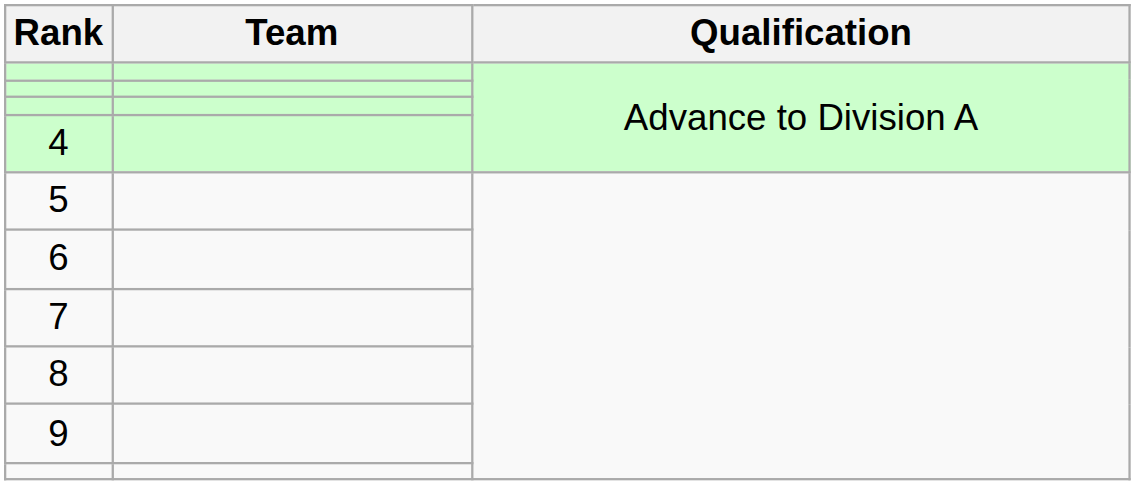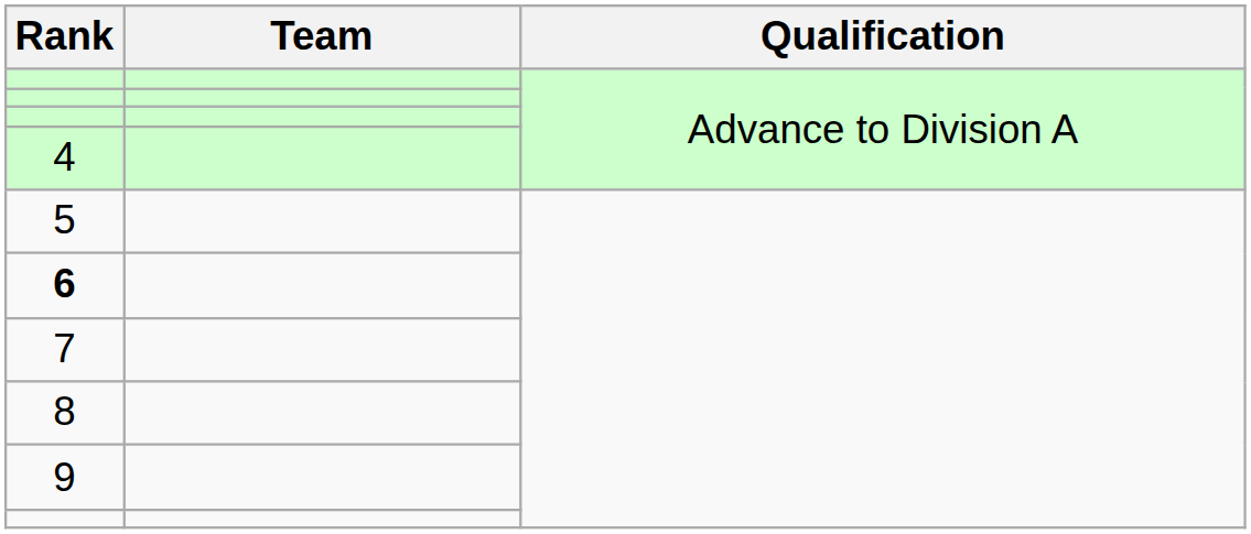 <table class="wikitable" style="text-align: center; font-size: 100%;">
 <tr>
 <th>Rank</th>
 <th width=150>Team</th>
 <th width=280>Qualification</th>
 </tr>
 <tr bgcolor="#ccffcc">
 <td></td>
 <td align=left><strong></strong></td>
 <td rowspan=4>Advance to Division A</td>
 </tr>
 <tr bgcolor="#ccffcc">
 <td></td>
 <td align=left><strong></strong></td>
 </tr>
 <tr bgcolor="#ccffcc">
 <td></td>
 <td align=left><strong></strong></td>
 </tr>
 <tr bgcolor="#ccffcc">
 <td>4</td>
 <td align=left><strong></strong></td>
 </tr>
 <tr>
 <td>5</td>
 <td align=left></td>
 <td rowspan=6></td>
 </tr>
 <tr>
-<td>6</td>
+<td><strong>6</strong></td>
 <td align=left></td>
 </tr>
 <tr>
 <td>7</td>
 <td align=left></td>
 </tr>
 <tr>
 <td>8</td>
 <td align=left></td>
 </tr>
 <tr>
 <td>9</td>
 <td align=left></td>
 </tr>
 <tr>
 <td></td>
 <td align=left><em></em></td>
 </tr>
 </table>
